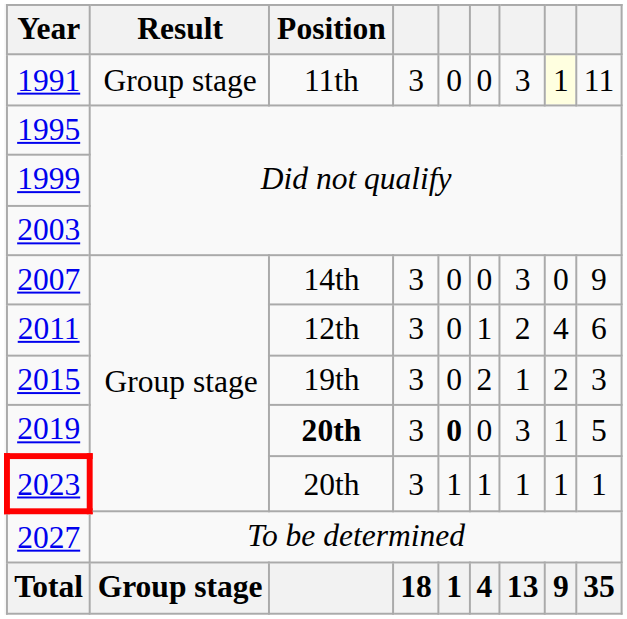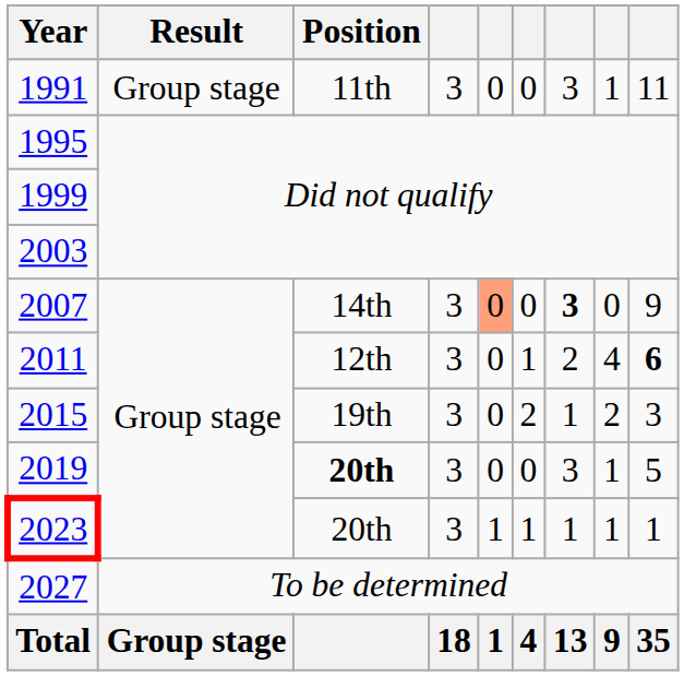 <table class="wikitable" style="text-align: center;">
 <tr>
 <th>Year</th>
 <th>Result</th>
 <th>Position</th>
 <th></th>
 <th></th>
 <th></th>
 <th></th>
 <th></th>
 <th></th>
 </tr>
 <tr>
 <td> <a href='#'>1991</a></td>
 <td>Group stage</td>
 <td>11th</td>
 <td>3</td>
 <td>0</td>
 <td>0</td>
 <td>3</td>
-<td style="background: lightyellow;">1</td>
+<td>1</td>
 <td>11</td>
 </tr>
 <tr>
 <td> <a href='#'>1995</a></td>
 <td rowspan=3 colspan=8><em>Did not qualify</em></td>
 </tr>
 <tr>
 <td> <a href='#'>1999</a></td>
 </tr>
 <tr>
 <td> <a href='#'>2003</a></td>
 </tr>
 <tr>
 <td> <a href='#'>2007</a></td>
 <td rowspan=5>Group stage</td>
 <td>14th</td>
 <td>3</td>
+<td style="background: lightsalmon;">0</td>
 <td>0</td>
-<td>0</td>
-<td>3</td>
+<td><strong>3</strong></td>
 <td>0</td>
 <td>9</td>
 </tr>
 <tr>
 <td> <a href='#'>2011</a></td>
 <td>12th</td>
 <td>3</td>
 <td>0</td>
 <td>1</td>
 <td>2</td>
 <td>4</td>
-<td>6</td>
+<td><strong>6</strong></td>
 </tr>
 <tr>
 <td> <a href='#'>2015</a></td>
 <td>19th</td>
 <td>3</td>
 <td>0</td>
 <td>2</td>
 <td>1</td>
 <td>2</td>
 <td>3</td>
 </tr>
 <tr>
 <td> <a href='#'>2019</a></td>
 <td><strong>20th</strong></td>
 <td>3</td>
-<td><strong>0</strong></td>
+<td>0</td>
 <td>0</td>
 <td>3</td>
 <td>1</td>
 <td>5</td>
 </tr>
 <tr>
 <td style="border: 3px solid red">  <a href='#'>2023</a></td>
 <td>20th</td>
 <td>3</td>
 <td>1</td>
 <td>1</td>
 <td>1</td>
 <td>1</td>
 <td>1</td>
 </tr>
 <tr>
 <td> <a href='#'>2027</a></td>
 <td colspan=8><em>To be determined</em></td>
 </tr>
 <tr>
 <th>Total</th>
 <th>Group stage</th>
 <th></th>
 <th>18</th>
 <th>1</th>
 <th>4</th>
 <th>13</th>
 <th>9</th>
 <th>35</th>
 </tr>
 </table>
